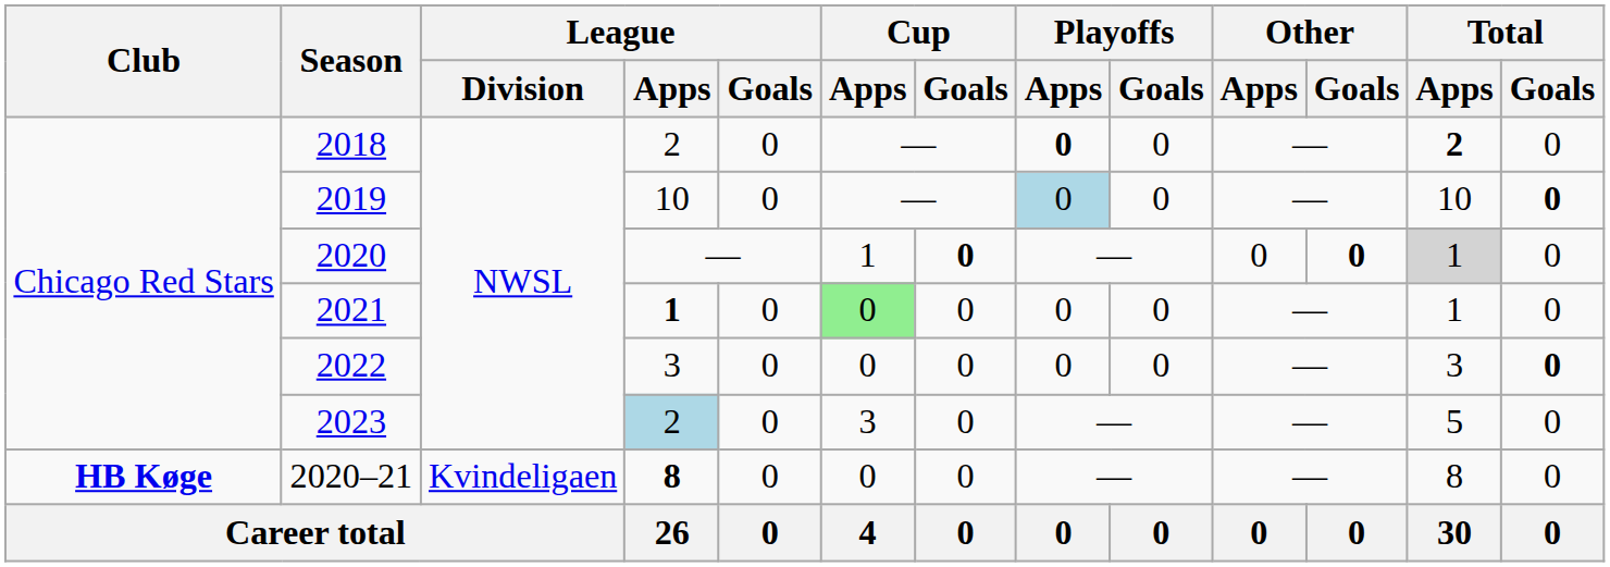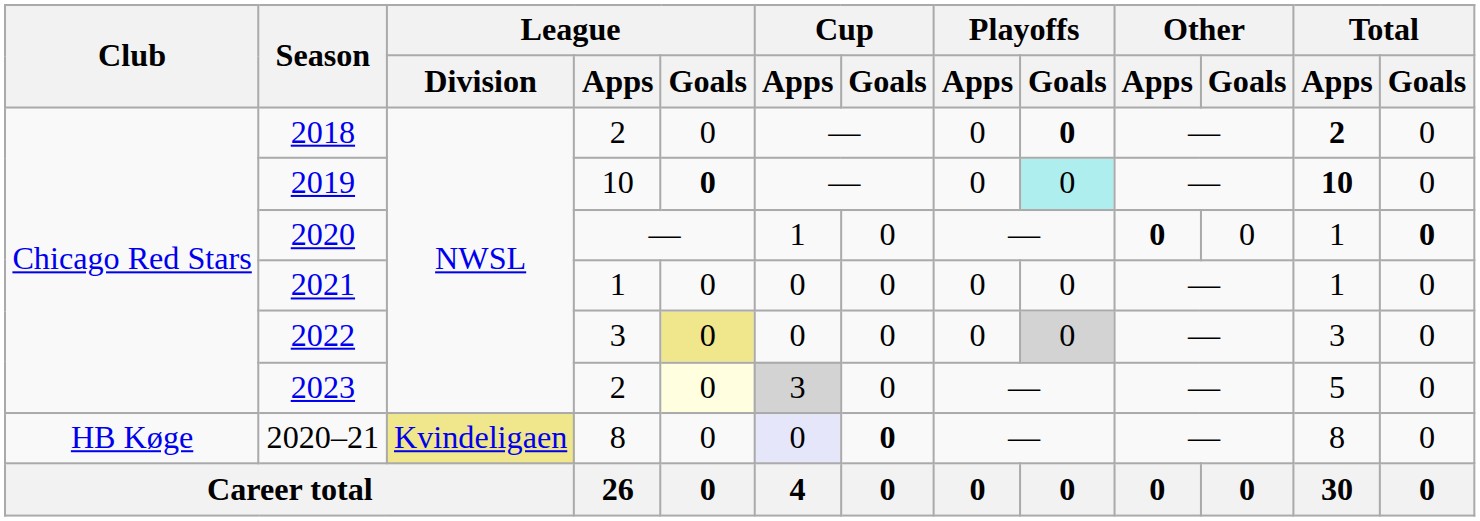 <table class="wikitable" style="text-align: center;">
 <tr>
 <th rowspan="2">Club</th>
 <th rowspan="2">Season</th>
 <th colspan="3">League</th>
 <th colspan="2">Cup</th>
 <th colspan="2">Playoffs</th>
 <th colspan="2">Other</th>
 <th colspan="2">Total</th>
 </tr>
 <tr>
 <th>Division</th>
 <th>Apps</th>
 <th>Goals</th>
 <th>Apps</th>
 <th>Goals</th>
 <th>Apps</th>
 <th>Goals</th>
 <th>Apps</th>
 <th>Goals</th>
 <th>Apps</th>
 <th>Goals</th>
 </tr>
 <tr>
 <td rowspan="6"><a href='#'>Chicago Red Stars</a></td>
 <td><a href='#'>2018</a></td>
 <td rowspan="6"><a href='#'>NWSL</a></td>
 <td>2</td>
 <td>0</td>
 <td colspan="2">—</td>
+<td>0</td>
 <td><strong>0</strong></td>
-<td>0</td>
 <td colspan="2">—</td>
 <td><strong>2</strong></td>
 <td>0</td>
 </tr>
 <tr>
 <td><a href='#'>2019</a></td>
 <td>10</td>
+<td><strong>0</strong></td>
+<td colspan="2">—</td>
 <td>0</td>
+<td style="background: paleturquoise;">0</td>
 <td colspan="2">—</td>
-<td style="background: lightblue;">0</td>
+<td><strong>10</strong></td>
 <td>0</td>
-<td colspan="2">—</td>
-<td>10</td>
-<td><strong>0</strong></td>
 </tr>
 <tr>
 <td><a href='#'>2020</a></td>
 <td colspan="2">—</td>
 <td>1</td>
+<td>0</td>
+<td colspan="2">—</td>
 <td><strong>0</strong></td>
-<td colspan="2">—</td>
 <td>0</td>
+<td>1</td>
 <td><strong>0</strong></td>
-<td style="background: lightgrey;">1</td>
-<td>0</td>
 </tr>
 <tr>
 <td><a href='#'>2021</a></td>
-<td><strong>1</strong></td>
+<td>1</td>
 <td>0</td>
-<td style="background: lightgreen;">0</td>
+<td>0</td>
 <td>0</td>
 <td>0</td>
 <td>0</td>
 <td colspan="2">—</td>
 <td>1</td>
 <td>0</td>
 </tr>
 <tr>
 <td><a href='#'>2022</a></td>
 <td>3</td>
+<td style="background: khaki;">0</td>
 <td>0</td>
 <td>0</td>
 <td>0</td>
-<td>0</td>
-<td>0</td>
+<td style="background: lightgrey;">0</td>
 <td colspan="2">—</td>
 <td>3</td>
-<td><strong>0</strong></td>
+<td>0</td>
 </tr>
 <tr>
 <td><a href='#'>2023</a></td>
-<td style="background: lightblue;">2</td>
-<td>0</td>
-<td>3</td>
+<td>2</td>
+<td style="background: lightyellow;">0</td>
+<td style="background: lightgrey;">3</td>
 <td>0</td>
 <td colspan="2">—</td>
 <td colspan="2">—</td>
 <td>5</td>
 <td>0</td>
 </tr>
 <tr>
-<td><strong><a href='#'>HB Køge</a></strong></td>
+<td><a href='#'>HB Køge</a></td>
 <td>2020–21</td>
-<td><a href='#'>Kvindeligaen</a></td>
-<td><strong>8</strong></td>
+<td style="background: khaki;"><a href='#'>Kvindeligaen</a></td>
+<td>8</td>
 <td>0</td>
-<td>0</td>
-<td>0</td>
+<td style="background: lavender;">0</td>
+<td><strong>0</strong></td>
 <td colspan="2">—</td>
 <td colspan="2">—</td>
 <td>8</td>
 <td>0</td>
 </tr>
 <tr>
 <th colspan="3">Career total</th>
 <th>26</th>
 <th>0</th>
 <th>4</th>
 <th>0</th>
 <th>0</th>
 <th>0</th>
 <th>0</th>
 <th>0</th>
 <th>30</th>
 <th>0</th>
 </tr>
 </table>
